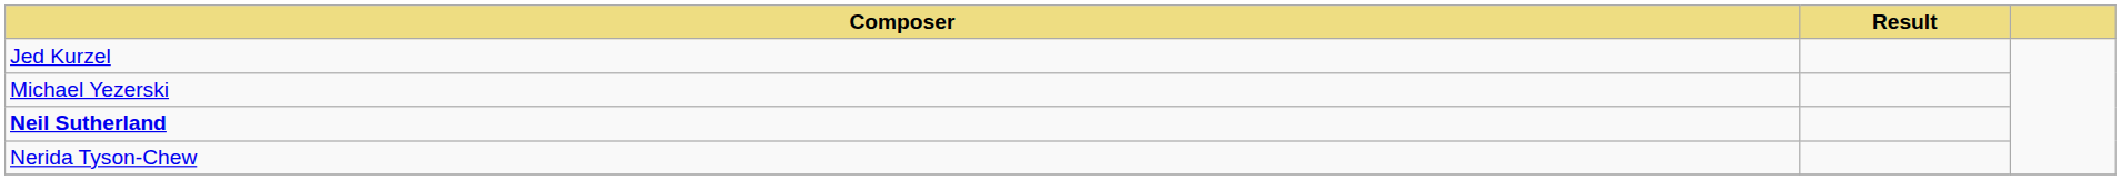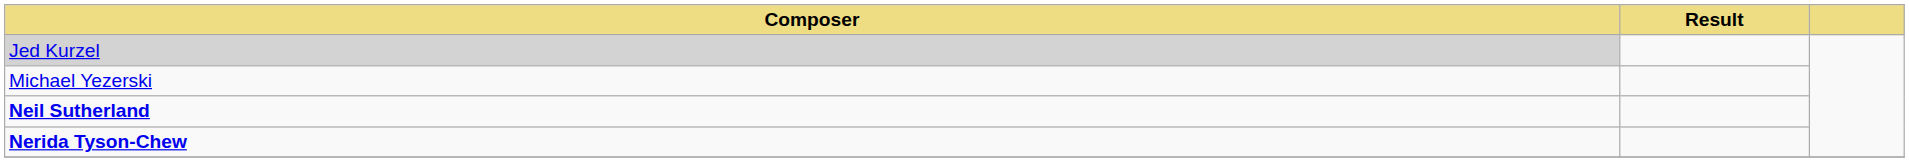 <table class="wikitable" width=100%>
 <tr>
 <th style="width:85%;background:#EEDD82;">Composer</th>
 <th style="width:10%;background:#EEDD82;">Result</th>
 <th style="width:5%;background:#EEDD82;"></th>
 </tr>
 <tr>
-<td><a href='#'>Jed Kurzel</a></td>
+<td style="background: lightgrey;"><a href='#'>Jed Kurzel</a></td>
 <td></td>
 <td rowspan="4"><br></td>
 </tr>
 <tr>
 <td><a href='#'>Michael Yezerski</a></td>
 <td></td>
 </tr>
 <tr>
 <td><strong><a href='#'>Neil Sutherland</a></strong></td>
 <td></td>
 </tr>
 <tr>
-<td><a href='#'>Nerida Tyson-Chew</a></td>
+<td><strong><a href='#'>Nerida Tyson-Chew</a></strong></td>
 <td></td>
 </tr>
 <tr>
 </tr>
 </table>
